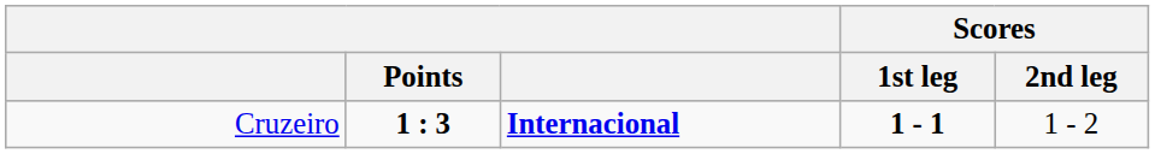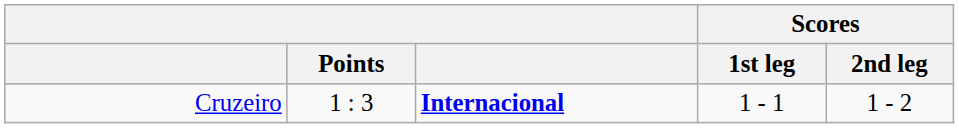 <table class="wikitable" style="text-align:center;">
 <tr>
 <th colspan=3></th>
 <th colspan=3>Scores</th>
 </tr>
 <tr>
 <th width="175"></th>
 <th width="75">Points</th>
 <th width="175"></th>
 <th width="75">1st leg</th>
 <th width="75">2nd leg</th>
 </tr>
 <tr>
 <td align=right><a href='#'>Cruzeiro</a></td>
-<td><strong>1 : 3</strong></td>
+<td>1 : 3</td>
 <td align=left><strong><a href='#'>Internacional</a></strong></td>
-<td><strong>1 - 1</strong></td>
+<td>1 - 1</td>
 <td>1 - 2</td>
 </tr>
 </table>
